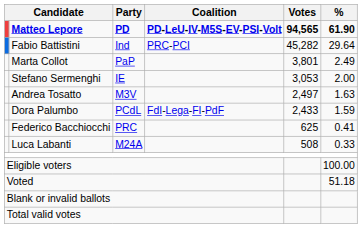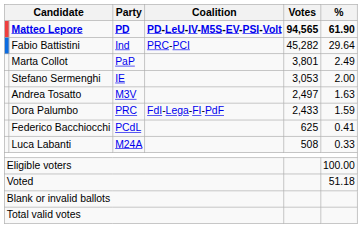 <table class="wikitable centre">
 <tr>
 <th scope="col" colspan=2>Candidate</th>
 <th scope="col">Party</th>
 <th scope="col">Coalition</th>
 <th scope="col">Votes</th>
 <th scope="col">%</th>
 </tr>
 <tr>
 <td bgcolor="#EF3E3E"></td>
 <td><strong><a href='#'>Matteo Lepore</a></strong></td>
 <td><strong><a href='#'>PD</a></strong></td>
 <td><strong><a href='#'>PD</a>-<a href='#'>LeU</a>-<a href='#'>IV</a>-<a href='#'>M5S</a>-<a href='#'>EV</a>-<a href='#'>PSI</a>-<a href='#'>Volt</a></strong></td>
 <td style="text-align: right"><strong>94,565</strong></td>
 <td style="text-align: right"><strong>61.90</strong></td>
 </tr>
 <tr>
 <td bgcolor="#0A6BE1"></td>
 <td>Fabio Battistini</td>
 <td><a href='#'>Ind</a></td>
 <td><a href='#'>PRC</a>-<a href='#'>PCI</a></td>
 <td style="text-align: right">45,282</td>
 <td style="text-align: right">29.64</td>
 </tr>
 <tr>
 <td></td>
 <td>Marta Collot</td>
 <td><a href='#'>PaP</a></td>
 <td></td>
 <td style="text-align: right">3,801</td>
 <td style="text-align: right">2.49</td>
 </tr>
 <tr>
 <td></td>
 <td>Stefano Sermenghi</td>
 <td><a href='#'>IE</a></td>
 <td></td>
 <td style="text-align: right">3,053</td>
 <td style="text-align: right">2.00</td>
 </tr>
 <tr>
 <td></td>
 <td>Andrea Tosatto</td>
 <td><a href='#'>M3V</a></td>
 <td></td>
 <td style="text-align: right">2,497</td>
 <td style="text-align: right">1.63</td>
 </tr>
 <tr>
 <td></td>
 <td>Dora Palumbo</td>
-<td><a href='#'>PCdL</a></td>
+<td><a href='#'>PRC</a></td>
 <td><a href='#'>FdI</a>-<a href='#'>Lega</a>-<a href='#'>FI</a>-<a href='#'>PdF</a></td>
 <td style="text-align: right">2,433</td>
 <td style="text-align: right">1.59</td>
 </tr>
 <tr>
 <td></td>
 <td>Federico Bacchiocchi</td>
-<td><a href='#'>PRC</a></td>
+<td><a href='#'>PCdL</a></td>
 <td></td>
 <td style="text-align: right">625</td>
 <td style="text-align: right">0.41</td>
 </tr>
 <tr>
 <td></td>
 <td>Luca Labanti</td>
 <td><a href='#'>M24A</a></td>
 <td></td>
 <td style="text-align: right">508</td>
 <td style="text-align: right">0.33</td>
 </tr>
 <tr bgcolor=white>
 <td colspan=8></td>
 </tr>
 <tr>
 <td colspan=4>Eligible voters</td>
 <td style="text-align: right"></td>
 <td style="text-align: right">100.00</td>
 </tr>
 <tr>
 <td colspan=4>Voted</td>
 <td style="text-align: right"></td>
 <td style="text-align: right">51.18</td>
 </tr>
 <tr>
 <td colspan=4>Blank or invalid ballots</td>
 <td style="text-align: right"></td>
 <td style="text-align: right"></td>
 </tr>
 <tr>
 <td colspan=4>Total valid votes</td>
 <td style="text-align: right"></td>
 <td style="text-align: right"></td>
 </tr>
 </table>
